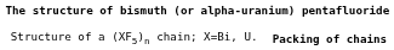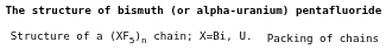 <table cellpadding="3" style="margin:1em auto 1em auto; text-align:center">
 <tr>
 <td colspan="2" style="text-align:center;"><strong>The structure of bismuth (or alpha-uranium) pentafluoride</strong></td>
 </tr>
 <tr>
 <td></td>
 <td></td>
 </tr>
 <tr style="text-align:center;">
 <td>Structure of a (XF<sub>5</sub>)<sub>n</sub> chain; X=Bi, U.</td>
-<td><strong>Packing of chains</strong></td>
+<td>Packing of chains</td>
 </tr>
 </table>
